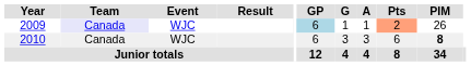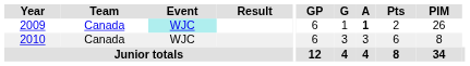 <table border="0" cellpadding="1" cellspacing="0" ID="Table3" style="text-align:center; width:40em">
 <tr ALIGN="center" bgcolor="#e0e0e0">
 <th>Year</th>
 <th>Team</th>
 <th>Event</th>
 <th>Result</th>
 <th rowspan="99" bgcolor="#ffffff"></th>
 <th>GP</th>
 <th>G</th>
 <th>A</th>
 <th>Pts</th>
 <th>PIM</th>
 </tr>
 <tr>
 <td><a href='#'>2009</a></td>
-<td style="background: lavender;"><a href='#'>Canada</a></td>
-<td><a href='#'>WJC</a></td>
+<td><a href='#'>Canada</a></td>
+<td style="background: paleturquoise;"><a href='#'>WJC</a></td>
 <td></td>
-<td style="background: lightblue;">6</td>
+<td>6</td>
 <td>1</td>
-<td>1</td>
-<td style="background: lightsalmon;">2</td>
+<td><strong>1</strong></td>
+<td>2</td>
 <td>26</td>
 </tr>
 <tr bgcolor="#f0f0f0">
 <td><a href='#'>2010</a></td>
 <td>Canada</td>
 <td>WJC</td>
 <td></td>
 <td>6</td>
 <td>3</td>
 <td>3</td>
 <td>6</td>
-<td><strong>8</strong></td>
+<td>8</td>
 </tr>
 <tr bgcolor="#e0e0e0">
 <th colspan=4>Junior totals</th>
 <th>12</th>
 <th>4</th>
 <th>4</th>
 <th>8</th>
 <th>34</th>
 <th></th>
 </tr>
 </table>
